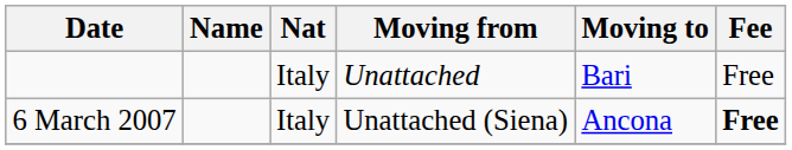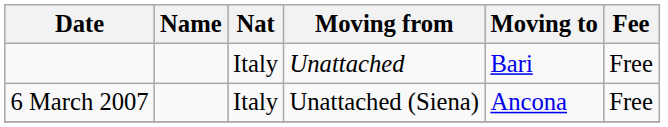 <table class="wikitable sortable">
 <tr>
 <th>Date</th>
 <th>Name</th>
 <th>Nat</th>
 <th>Moving from</th>
 <th>Moving to</th>
 <th>Fee</th>
 </tr>
 <tr>
 <td><strong></strong></td>
 <td></td>
 <td>Italy</td>
 <td><em>Unattached</em></td>
 <td><a href='#'>Bari</a></td>
 <td> Free</td>
 </tr>
 <tr>
 <td>6 March 2007</td>
 <td></td>
 <td>Italy</td>
 <td>Unattached (Siena)</td>
 <td><a href='#'>Ancona</a></td>
-<td><strong>Free</strong></td>
+<td>Free</td>
 </tr>
 <tr>
 </tr>
 </table>
